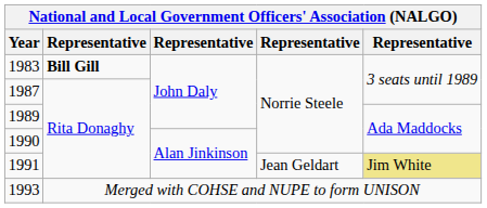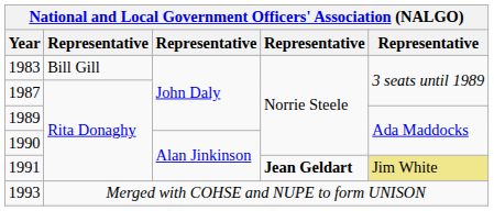 <table class="wikitable">
 <tr>
 <th colspan=5><a href='#'>National and Local Government Officers' Association</a> (NALGO)</th>
 </tr>
 <tr>
 <th>Year</th>
 <th>Representative</th>
 <th>Representative</th>
 <th>Representative</th>
 <th>Representative</th>
 </tr>
 <tr>
 <td>1983</td>
-<td><strong>Bill Gill</strong></td>
+<td>Bill Gill</td>
 <td rowspan=3><a href='#'>John Daly</a></td>
 <td rowspan=4>Norrie Steele</td>
 <td rowspan=2><em>3 seats until 1989</em></td>
 </tr>
 <tr>
 <td>1987</td>
 <td rowspan=4><a href='#'>Rita Donaghy</a></td>
 </tr>
 <tr>
 <td>1989</td>
 <td rowspan=2><a href='#'>Ada Maddocks</a></td>
 </tr>
 <tr>
 <td>1990</td>
 <td rowspan=2><a href='#'>Alan Jinkinson</a></td>
 </tr>
 <tr>
 <td>1991</td>
-<td>Jean Geldart</td>
+<td><strong>Jean Geldart</strong></td>
 <td style="background: khaki;">Jim White</td>
 </tr>
 <tr>
 <td>1993</td>
 <td colspan=4 align="center"><em>Merged with COHSE and NUPE to form UNISON</em></td>
 </tr>
 </table>
